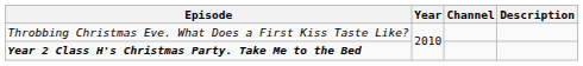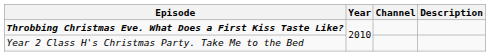 <table class="wikitable sortable">
 <tr>
 <th>Episode</th>
 <th>Year</th>
 <th>Channel</th>
 <th>Description</th>
 </tr>
 <tr>
-<td><em>Throbbing Christmas Eve. What Does a First Kiss Taste Like?</em></td>
+<td><strong><em>Throbbing Christmas Eve. What Does a First Kiss Taste Like?</em></strong></td>
 <td rowspan="2">2010</td>
 <td></td>
 <td></td>
 </tr>
 <tr>
-<td><strong><em>Year 2 Class H's Christmas Party. Take Me to the Bed</em></strong></td>
+<td><em>Year 2 Class H's Christmas Party. Take Me to the Bed</em></td>
 <td></td>
 <td></td>
 </tr>
 </table>
